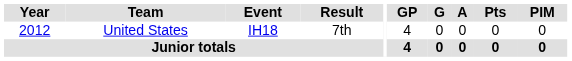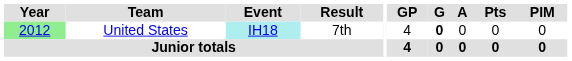 <table border="0" cellpadding="1" cellspacing="0" ID="Table3" style="text-align:center; width:40em">
 <tr bgcolor="#e0e0e0">
 <th>Year</th>
 <th>Team</th>
 <th>Event</th>
 <th>Result</th>
 <th rowspan="99" bgcolor="#ffffff"></th>
 <th>GP</th>
 <th>G</th>
 <th>A</th>
 <th>Pts</th>
 <th>PIM</th>
 </tr>
 <tr>
-<td><a href='#'>2012</a></td>
+<td style="background: lightgreen;"><a href='#'>2012</a></td>
 <td><a href='#'>United States</a></td>
-<td><a href='#'>IH18</a></td>
+<td style="background: paleturquoise;"><a href='#'>IH18</a></td>
 <td>7th</td>
 <td>4</td>
-<td>0</td>
+<td><strong>0</strong></td>
 <td>0</td>
 <td>0</td>
 <td>0</td>
 </tr>
 <tr bgcolor="#e0e0e0">
 <th colspan="4">Junior totals</th>
 <th>4</th>
 <th>0</th>
 <th>0</th>
 <th>0</th>
 <th>0</th>
 </tr>
 </table>
